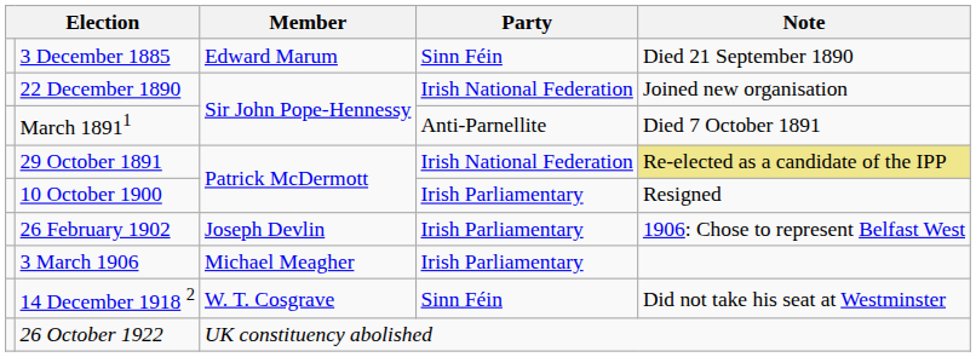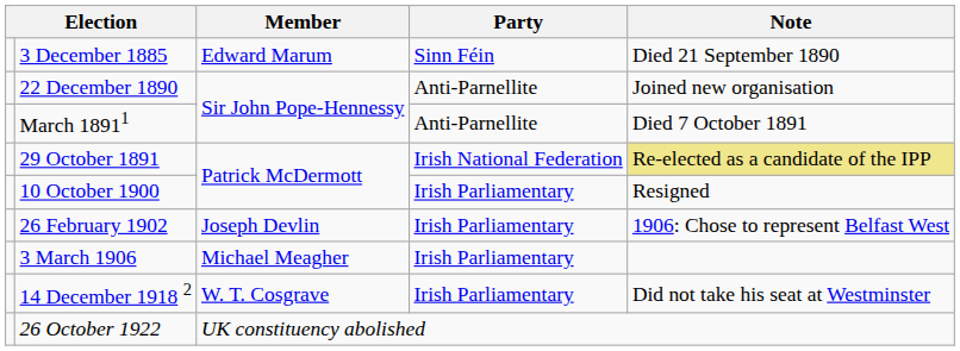 <table class="wikitable">
 <tr>
 <th colspan="2">Election</th>
 <th>Member</th>
 <th>Party</th>
 <th>Note</th>
 </tr>
 <tr>
 <td style="color:inherit;background-color: "></td>
 <td><a href='#'>3 December 1885</a></td>
 <td><a href='#'>Edward Marum</a></td>
 <td><a href='#'>Sinn Féin</a></td>
 <td>Died 21 September 1890</td>
 </tr>
 <tr>
 <td style="color:inherit;background-color: "></td>
 <td><a href='#'>22 December 1890</a></td>
 <td rowspan="2"><a href='#'>Sir John Pope-Hennessy</a></td>
-<td><a href='#'>Irish National Federation</a></td>
+<td>Anti-Parnellite</td>
 <td>Joined new organisation</td>
 </tr>
 <tr>
 <td style="color:inherit;background-color: "></td>
 <td>March 1891<sup>1</sup></td>
 <td>Anti-Parnellite</td>
 <td>Died 7 October 1891</td>
 </tr>
 <tr>
 <td style="color:inherit;background-color: "></td>
 <td><a href='#'>29 October 1891</a></td>
 <td rowspan="2"><a href='#'>Patrick McDermott</a></td>
 <td><a href='#'>Irish National Federation</a></td>
 <td style="background: khaki;">Re-elected as a candidate of the IPP</td>
 </tr>
 <tr>
 <td style="color:inherit;background-color: "></td>
 <td><a href='#'>10 October 1900</a></td>
 <td><a href='#'>Irish Parliamentary</a></td>
 <td>Resigned</td>
 </tr>
 <tr>
 <td style="color:inherit;background-color: "></td>
 <td><a href='#'>26 February 1902</a></td>
 <td><a href='#'>Joseph Devlin</a></td>
 <td><a href='#'>Irish Parliamentary</a></td>
 <td><a href='#'>1906</a>: Chose to represent <a href='#'>Belfast West</a></td>
 </tr>
 <tr>
 <td style="color:inherit;background-color: "></td>
 <td><a href='#'>3 March 1906</a></td>
 <td><a href='#'>Michael Meagher</a></td>
 <td><a href='#'>Irish Parliamentary</a></td>
 <td></td>
 </tr>
 <tr>
 <td style="color:inherit;background-color: "></td>
 <td><a href='#'>14 December 1918</a> <sup>2</sup></td>
 <td><a href='#'>W. T. Cosgrave</a></td>
-<td><a href='#'>Sinn Féin</a></td>
+<td><a href='#'>Irish Parliamentary</a></td>
 <td>Did not take his seat at <a href='#'>Westminster</a></td>
 </tr>
 <tr>
 <td></td>
 <td><em>26 October 1922</em></td>
 <td colspan="3"><em>UK constituency abolished</em></td>
 </tr>
 </table>
